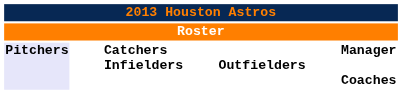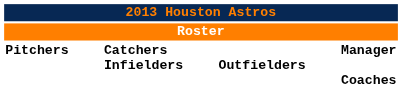 <table class="toccolours" style="font-size: 95%;">
 <tr>
 <th colspan="10" style="background:#072854; color:#FF7F00; text-align:center;">2013 Houston Astros</th>
 </tr>
 <tr>
 <td colspan="10" style="background:#FF7F00; color:white; text-align:center;"><strong>Roster</strong></td>
 </tr>
 <tr>
-<td valign="top" style="background: lavender;"><strong>Pitchers</strong><br>                        </td>
+<td valign="top"><strong>Pitchers</strong><br>                        </td>
 <td style="width:25px;"></td>
 <td valign="top"><strong>Catchers</strong><br>     <strong>Infielders</strong>          </td>
 <td style="width:25px;"></td>
 <td valign="top"><br><strong>Outfielders</strong>          </td>
 <td style="width:25px;"></td>
 <td valign="top"><strong>Manager</strong><br><br><strong>Coaches</strong>                  </td>
 </tr>
 </table>
